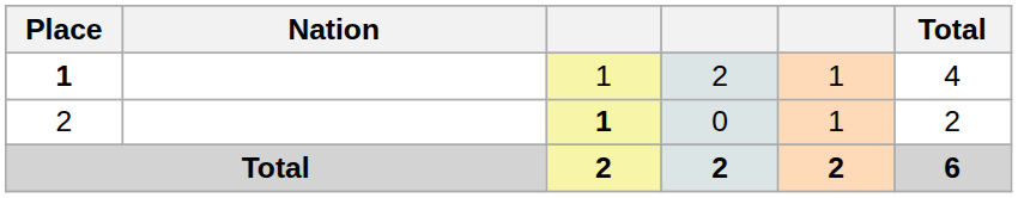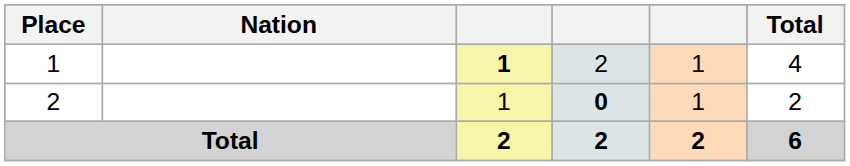 <table class=wikitable style="border:1px solid #AAAAAA;font-size:90%">
 <tr bgcolor="#EFEFEF">
 <th width=50>Place</th>
 <th width=200>Nation</th>
 <th width=50></th>
 <th width=50></th>
 <th width=50></th>
 <th width=50>Total</th>
 </tr>
 <tr align="center" valign="top" bgcolor="#FFFFFF">
-<td><strong>1</strong></td>
+<td>1</td>
 <td align="left"></td>
-<td style="background:#F7F6A8;">1</td>
+<td style="background:#F7F6A8;"><strong>1</strong></td>
 <td style="background:#DCE5E5;">2</td>
 <td style="background:#FFDAB9;">1</td>
 <td>4</td>
 </tr>
 <tr align="center" valign="top" bgcolor="#FFFFFF">
 <td>2</td>
 <td align="left"></td>
-<td style="background:#F7F6A8;"><strong>1</strong></td>
-<td style="background:#DCE5E5;">0</td>
+<td style="background:#F7F6A8;">1</td>
+<td style="background:#DCE5E5;"><strong>0</strong></td>
 <td style="background:#FFDAB9;">1</td>
 <td>2</td>
 </tr>
 <tr align="center">
 <td colspan="2" bgcolor=D3D3D3><strong>Total</strong></td>
 <td style="background:#F7F6A8;"><strong>2</strong></td>
 <td style="background:#DCE5E5;"><strong>2</strong></td>
 <td style="background:#FFDAB9;"><strong>2</strong></td>
 <td bgcolor=D3D3D3><strong>6</strong></td>
 </tr>
 </table>
